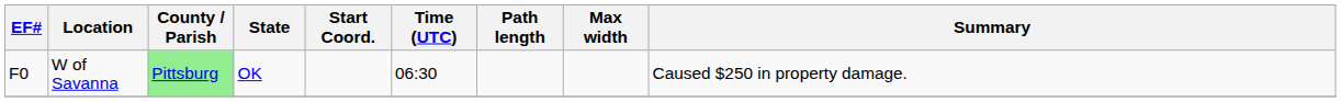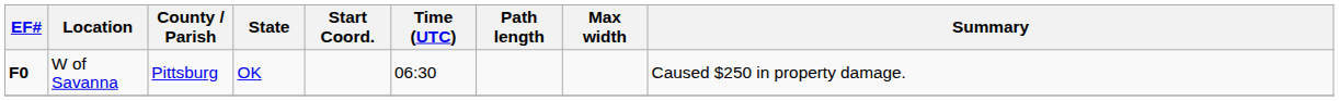 <table class="wikitable sortable" style="width:100%;">
 <tr>
 <th scope="col"  style="width:3%; text-align:center;"><a href='#'>EF#</a></th>
 <th scope="col"  style="width:7%; text-align:center;" class="unsortable">Location</th>
 <th scope="col"  style="width:6%; text-align:center;" class="unsortable">County / Parish</th>
 <th scope="col"  style="width:5%; text-align:center;">State</th>
 <th scope="col"  style="width:6%; text-align:center;">Start Coord.</th>
 <th scope="col"  style="width:6%; text-align:center;">Time (<a href='#'>UTC</a>)</th>
 <th scope="col"  style="width:6%; text-align:center;">Path length</th>
 <th scope="col"  style="width:6%; text-align:center;">Max width</th>
 <th scope="col" class="unsortable" style="width:48%; text-align:center;">Summary</th>
 </tr>
 <tr>
-<td bgcolor=>F0</td>
+<td bgcolor=><strong>F0</strong></td>
 <td>W of <a href='#'>Savanna</a></td>
-<td style="background: lightgreen;"><a href='#'>Pittsburg</a></td>
+<td><a href='#'>Pittsburg</a></td>
 <td><a href='#'>OK</a></td>
 <td></td>
 <td>06:30</td>
 <td></td>
 <td></td>
 <td>Caused $250 in property damage.</td>
 </tr>
 <tr>
 </tr>
 </table>
